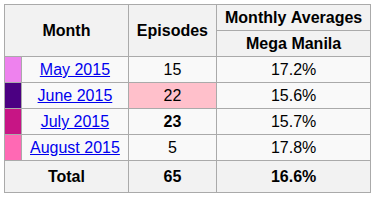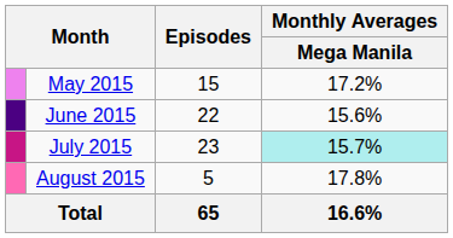 <table class="wikitable plainrowheaders" style="text-align: center; line-height:25px;">
 <tr class="wikitable" style="text-align: center;">
 <th colspan="2" rowspan="2" style="padding: 0 8px;">Month</th>
 <th rowspan="2" style="padding: 0 8px;">Episodes</th>
 <th colspan="2" style="padding: 0 8px;">Monthly Averages</th>
 </tr>
 <tr>
 <th style="padding: 0 8px;">Mega Manila</th>
 </tr>
 <tr>
 <td style="padding: 0 8px; background:#EE82EE;"></td>
 <td style="padding: 0 8px;" '><a href='#'>May 2015</a></td>
 <td style="padding: 0 8px;">15</td>
 <td style="padding: 0 8px;">17.2%</td>
 </tr>
 <tr>
 <td style="padding: 0 8px; background:#4B0082;"></td>
 <td style="padding: 0 8px;" '><a href='#'>June 2015</a></td>
-<td style="background: pink; padding: 0 8px;">22</td>
+<td style="padding: 0 8px;">22</td>
 <td style="padding: 0 8px;">15.6%</td>
 </tr>
 <tr>
 <td style="padding: 0 8px; background:#C71585;"></td>
 <td style="padding: 0 8px;" '><a href='#'>July 2015</a></td>
-<td style="padding: 0 8px;"><strong>23</strong></td>
-<td style="padding: 0 8px;">15.7%</td>
+<td style="padding: 0 8px;">23</td>
+<td style="background: paleturquoise; padding: 0 8px;">15.7%</td>
 </tr>
 <tr>
 <td style="padding: 0 8px; background:#FF69B4;"></td>
 <td style="padding: 0 8px;" '><a href='#'>August 2015</a></td>
 <td style="padding: 0 8px;">5</td>
 <td style="padding: 0 8px;">17.8%</td>
 </tr>
 <tr>
 <th colspan="2">Total</th>
 <th colspan="1">65</th>
 <th colspan="2">16.6%</th>
 </tr>
 </table>
